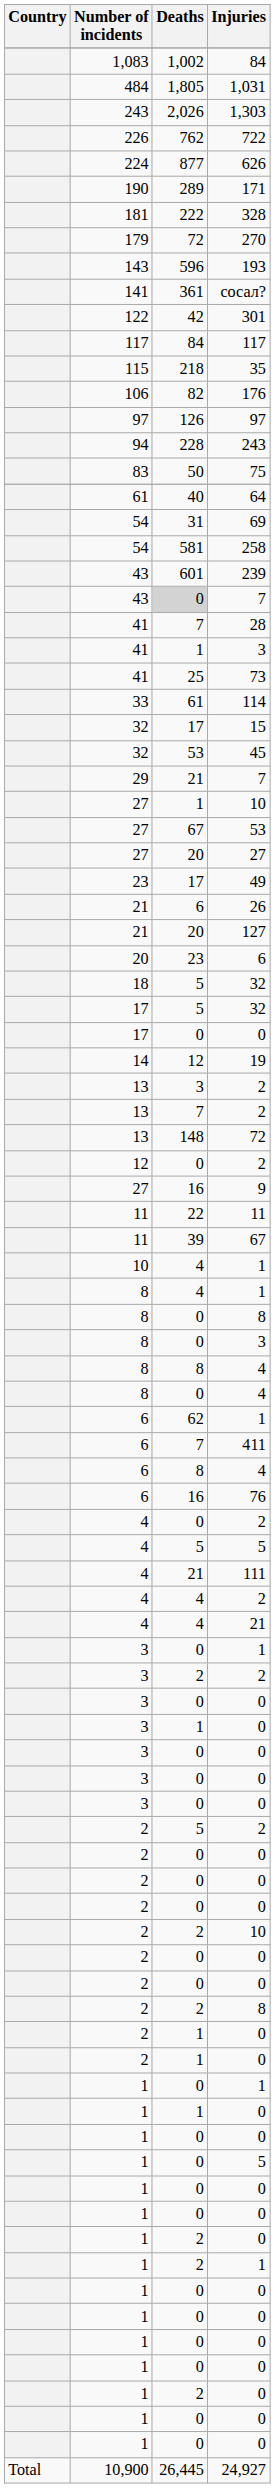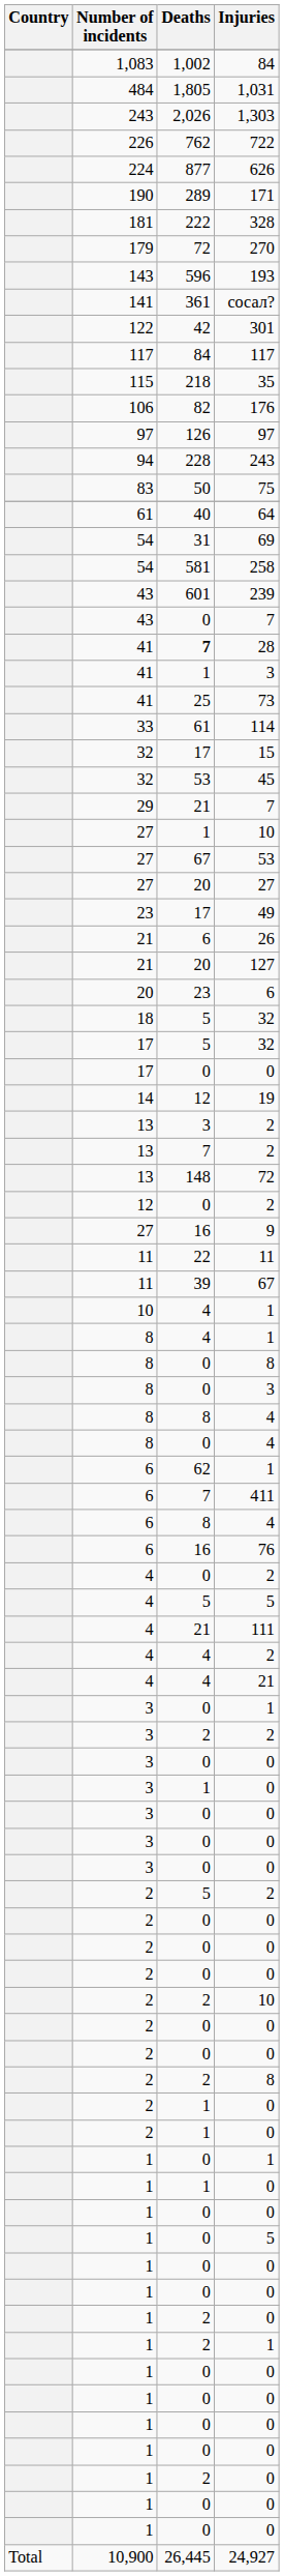 <table class="wikitable sortable" style="text-align:right">
 <tr style="background:#ececec; vertical-align:top;">
 <th>Country</th>
 <th>Number of<br>incidents</th>
 <th>Deaths</th>
 <th>Injuries</th>
 </tr>
 <tr>
 </tr>
 <tr>
 <th align="left"></th>
 <td>1,083</td>
 <td>1,002</td>
 <td>84</td>
 </tr>
 <tr>
 <th align="left"></th>
 <td>484</td>
 <td>1,805</td>
 <td>1,031</td>
 </tr>
 <tr>
 <th align="left"></th>
 <td>243</td>
 <td>2,026</td>
 <td>1,303</td>
 </tr>
 <tr>
 <th align="left"></th>
 <td>226</td>
 <td>762</td>
 <td>722</td>
 </tr>
 <tr>
 <th align="left"></th>
 <td>224</td>
 <td>877</td>
 <td>626</td>
 </tr>
 <tr>
 <th align="left"></th>
 <td>190</td>
 <td>289</td>
 <td>171</td>
 </tr>
 <tr>
 <th align="left"></th>
 <td>181</td>
 <td>222</td>
 <td>328</td>
 </tr>
 <tr>
 <th align="left"></th>
 <td>179</td>
 <td>72</td>
 <td>270</td>
 </tr>
 <tr>
 <th align="left"></th>
 <td>143</td>
 <td>596</td>
 <td>193</td>
 </tr>
 <tr>
 <th align="left"></th>
 <td>141</td>
 <td>361</td>
 <td>сосал?</td>
 </tr>
 <tr>
 <th align="left"></th>
 <td>122</td>
 <td>42</td>
 <td>301</td>
 </tr>
 <tr>
 <th align="left"></th>
 <td>117</td>
 <td>84</td>
 <td>117</td>
 </tr>
 <tr>
 <th align="left"></th>
 <td>115</td>
 <td>218</td>
 <td>35</td>
 </tr>
 <tr>
 <th align="left"></th>
 <td>106</td>
 <td>82</td>
 <td>176</td>
 </tr>
 <tr>
 <th align="left"></th>
 <td>97</td>
 <td>126</td>
 <td>97</td>
 </tr>
 <tr>
 <th align="left"></th>
 <td>94</td>
 <td>228</td>
 <td>243</td>
 </tr>
 <tr>
 <th align="left"></th>
 <td>83</td>
 <td>50</td>
 <td>75</td>
 </tr>
 <tr>
 </tr>
 <tr>
 <th align="left"></th>
 <td>61</td>
 <td>40</td>
 <td>64</td>
 </tr>
 <tr>
 <th align="left"></th>
 <td>54</td>
 <td>31</td>
 <td>69</td>
 </tr>
 <tr>
 <th align="left"></th>
 <td>54</td>
 <td>581</td>
 <td>258</td>
 </tr>
 <tr>
 <th align="left"></th>
 <td>43</td>
 <td>601</td>
 <td>239</td>
 </tr>
 <tr>
 <th align="left"></th>
 <td>43</td>
-<td style="background: lightgrey;">0</td>
+<td>0</td>
 <td>7</td>
 </tr>
 <tr>
 <th align="left"></th>
 <td>41</td>
-<td>7</td>
+<td><strong>7</strong></td>
 <td>28</td>
 </tr>
 <tr>
 <th align="left"></th>
 <td>41</td>
 <td>1</td>
 <td>3</td>
 </tr>
 <tr>
 <th align="left"></th>
 <td>41</td>
 <td>25</td>
 <td>73</td>
 </tr>
 <tr>
 <th align="left"></th>
 <td>33</td>
 <td>61</td>
 <td>114</td>
 </tr>
 <tr>
 <th align="left"></th>
 <td>32</td>
 <td>17</td>
 <td>15</td>
 </tr>
 <tr>
 <th align="left"></th>
 <td>32</td>
 <td>53</td>
 <td>45</td>
 </tr>
 <tr>
 <th align="left"></th>
 <td>29</td>
 <td>21</td>
 <td>7</td>
 </tr>
 <tr>
 <th align="left"></th>
 <td>27</td>
 <td>1</td>
 <td>10</td>
 </tr>
 <tr>
 <th align="left"></th>
 <td>27</td>
 <td>67</td>
 <td>53</td>
 </tr>
 <tr>
 <th align="left"></th>
 <td>27</td>
 <td>20</td>
 <td>27</td>
 </tr>
 <tr>
 <th align="left"></th>
 <td>23</td>
 <td>17</td>
 <td>49</td>
 </tr>
 <tr>
 <th align="left"></th>
 <td>21</td>
 <td>6</td>
 <td>26</td>
 </tr>
 <tr>
 <th align="left"></th>
 <td>21</td>
 <td>20</td>
 <td>127</td>
 </tr>
 <tr>
 <th align="left"></th>
 <td>20</td>
 <td>23</td>
 <td>6</td>
 </tr>
 <tr>
 <th align="left"></th>
 <td>18</td>
 <td>5</td>
 <td>32</td>
 </tr>
 <tr>
 <th align="left"></th>
 <td>17</td>
 <td>5</td>
 <td>32</td>
 </tr>
 <tr>
 <th align="left"></th>
 <td>17</td>
 <td>0</td>
 <td>0</td>
 </tr>
 <tr>
 <th align="left"></th>
 <td>14</td>
 <td>12</td>
 <td>19</td>
 </tr>
 <tr>
 <th align="left"></th>
 <td>13</td>
 <td>3</td>
 <td>2</td>
 </tr>
 <tr>
 <th align="left"></th>
 <td>13</td>
 <td>7</td>
 <td>2</td>
 </tr>
 <tr>
 <th align="left"></th>
 <td>13</td>
 <td>148</td>
 <td>72</td>
 </tr>
 <tr>
 <th align="left"></th>
 <td>12</td>
 <td>0</td>
 <td>2</td>
 </tr>
 <tr>
 <th align="left"></th>
 <td>27</td>
 <td>16</td>
 <td>9</td>
 </tr>
 <tr>
 <th align="left"></th>
 <td>11</td>
 <td>22</td>
 <td>11</td>
 </tr>
 <tr>
 <th align="left"></th>
 <td>11</td>
 <td>39</td>
 <td>67</td>
 </tr>
 <tr>
 <th align="left"></th>
 <td>10</td>
 <td>4</td>
 <td>1</td>
 </tr>
 <tr>
 <th align="left"></th>
 <td>8</td>
 <td>4</td>
 <td>1</td>
 </tr>
 <tr>
 <th align="left"></th>
 <td>8</td>
 <td>0</td>
 <td>8</td>
 </tr>
 <tr>
 <th align="left"></th>
 <td>8</td>
 <td>0</td>
 <td>3</td>
 </tr>
 <tr>
 <th align="left"></th>
 <td>8</td>
 <td>8</td>
 <td>4</td>
 </tr>
 <tr>
 <th align="left"></th>
 <td>8</td>
 <td>0</td>
 <td>4</td>
 </tr>
 <tr>
 <th align="left"></th>
 <td>6</td>
 <td>62</td>
 <td>1</td>
 </tr>
 <tr>
 <th align="left"></th>
 <td>6</td>
 <td>7</td>
 <td>411</td>
 </tr>
 <tr>
 <th align="left"></th>
 <td>6</td>
 <td>8</td>
 <td>4</td>
 </tr>
 <tr>
 <th align="left"></th>
 <td>6</td>
 <td>16</td>
 <td>76</td>
 </tr>
 <tr>
 <th align="left"></th>
 <td>4</td>
 <td>0</td>
 <td>2</td>
 </tr>
 <tr>
 <th align="left"></th>
 <td>4</td>
 <td>5</td>
 <td>5</td>
 </tr>
 <tr>
 <th align="left"></th>
 <td>4</td>
 <td>21</td>
 <td>111</td>
 </tr>
 <tr>
 <th align="left"></th>
 <td>4</td>
 <td>4</td>
 <td>2</td>
 </tr>
 <tr>
 <th align="left"></th>
 <td>4</td>
 <td>4</td>
 <td>21</td>
 </tr>
 <tr>
 <th align="left"></th>
 <td>3</td>
 <td>0</td>
 <td>1</td>
 </tr>
 <tr>
 <th align="left"></th>
 <td>3</td>
 <td>2</td>
 <td>2</td>
 </tr>
 <tr>
 <th align="left"></th>
 <td>3</td>
 <td>0</td>
 <td>0</td>
 </tr>
 <tr>
 <th align="left"></th>
 <td>3</td>
 <td>1</td>
 <td>0</td>
 </tr>
 <tr>
 <th align="left"></th>
 <td>3</td>
 <td>0</td>
 <td>0</td>
 </tr>
 <tr>
 <th align="left"></th>
 <td>3</td>
 <td>0</td>
 <td>0</td>
 </tr>
 <tr>
 <th align="left"></th>
 <td>3</td>
 <td>0</td>
 <td>0</td>
 </tr>
 <tr>
 <th align="left"></th>
 <td>2</td>
 <td>5</td>
 <td>2</td>
 </tr>
 <tr>
 <th align="left"></th>
 <td>2</td>
 <td>0</td>
 <td>0</td>
 </tr>
 <tr>
 <th align="left"></th>
 <td>2</td>
 <td>0</td>
 <td>0</td>
 </tr>
 <tr>
 <th align="left"></th>
 <td>2</td>
 <td>0</td>
 <td>0</td>
 </tr>
 <tr>
 <th align="left"></th>
 <td>2</td>
 <td>2</td>
 <td>10</td>
 </tr>
 <tr>
 <th align="left"></th>
 <td>2</td>
 <td>0</td>
 <td>0</td>
 </tr>
 <tr>
 <th align="left"></th>
 <td>2</td>
 <td>0</td>
 <td>0</td>
 </tr>
 <tr>
 <th align="left"></th>
 <td>2</td>
 <td>2</td>
 <td>8</td>
 </tr>
 <tr>
 <th align="left"></th>
 <td>2</td>
 <td>1</td>
 <td>0</td>
 </tr>
 <tr>
 <th align="left"></th>
 <td>2</td>
 <td>1</td>
 <td>0</td>
 </tr>
 <tr>
 <th align="left"></th>
 <td>1</td>
 <td>0</td>
 <td>1</td>
 </tr>
 <tr>
 <th align="left"></th>
 <td>1</td>
 <td>1</td>
 <td>0</td>
 </tr>
 <tr>
 <th align="left"></th>
 <td>1</td>
 <td>0</td>
 <td>0</td>
 </tr>
 <tr>
 <th align="left"></th>
 <td>1</td>
 <td>0</td>
 <td>5</td>
 </tr>
 <tr>
 <th align="left"></th>
 <td>1</td>
 <td>0</td>
 <td>0</td>
 </tr>
 <tr>
 <th align="left"></th>
 <td>1</td>
 <td>0</td>
 <td>0</td>
 </tr>
 <tr>
 <th align="left"></th>
 <td>1</td>
 <td>2</td>
 <td>0</td>
 </tr>
 <tr>
 <th align="left"></th>
 <td>1</td>
 <td>2</td>
 <td>1</td>
 </tr>
 <tr>
 <th align="left"></th>
 <td>1</td>
 <td>0</td>
 <td>0</td>
 </tr>
 <tr>
 <th align="left"></th>
 <td>1</td>
 <td>0</td>
 <td>0</td>
 </tr>
 <tr>
 <th align="left"></th>
 <td>1</td>
 <td>0</td>
 <td>0</td>
 </tr>
 <tr>
 <th align="left"></th>
 <td>1</td>
 <td>0</td>
 <td>0</td>
 </tr>
 <tr>
 <th align="left"></th>
 <td>1</td>
 <td>2</td>
 <td>0</td>
 </tr>
 <tr>
 <th align="left"></th>
 <td>1</td>
 <td>0</td>
 <td>0</td>
 </tr>
 <tr>
 <th align="left"></th>
 <td>1</td>
 <td>0</td>
 <td>0</td>
 </tr>
 <tr>
 <td align=left>Total</td>
 <td>10,900</td>
 <td>26,445</td>
 <td>24,927</td>
 </tr>
 </table>
